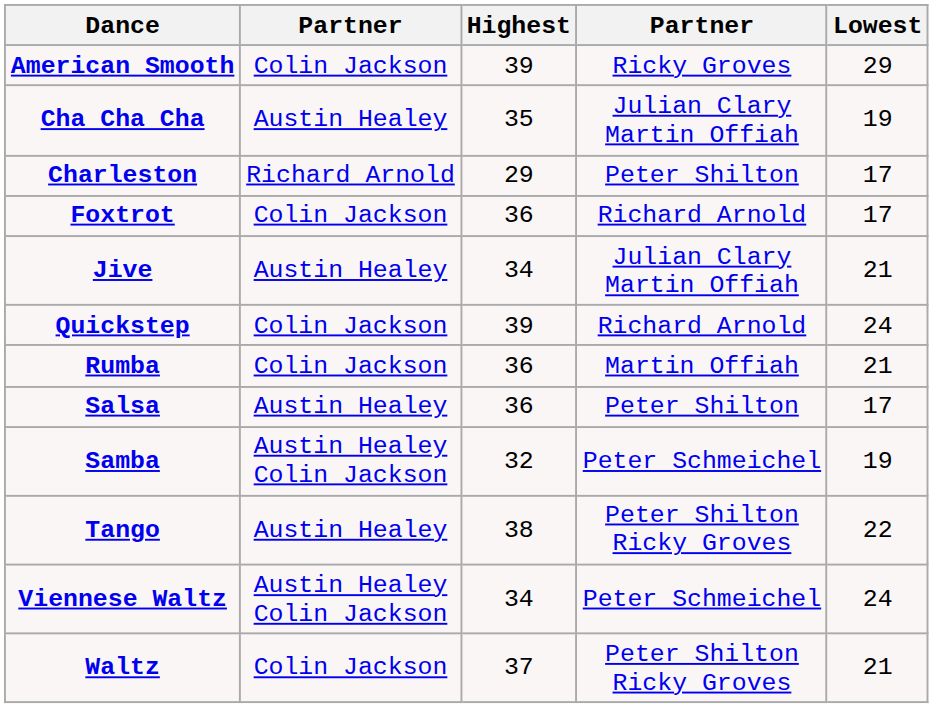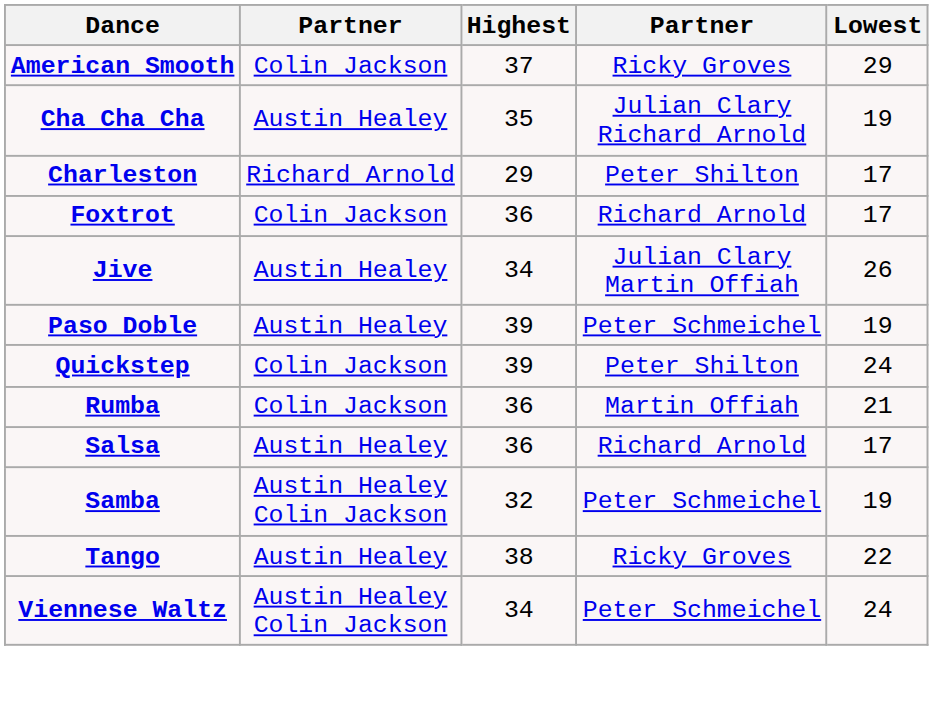 <table class="wikitable sortable collapsed">
 <tr style="text-align:Center; background:#cc;">
 <th>Dance</th>
 <th>Partner</th>
 <th>Highest</th>
 <th>Partner</th>
 <th>Lowest</th>
 </tr>
 <tr style="text-align: center; background:#faf6f6;#">
 <td><strong><a href='#'>American Smooth</a></strong></td>
 <td><a href='#'>Colin Jackson</a></td>
-<td>39</td>
+<td>37</td>
 <td><a href='#'>Ricky Groves</a></td>
 <td>29</td>
 </tr>
 <tr style="text-align: center; background:#faf6f6;">
 <td><strong><a href='#'>Cha Cha Cha</a></strong></td>
 <td><a href='#'>Austin Healey</a></td>
 <td>35</td>
-<td><a href='#'>Julian Clary</a><br><a href='#'>Martin Offiah</a></td>
+<td><a href='#'>Julian Clary</a><br><a href='#'>Richard Arnold</a></td>
 <td>19</td>
 </tr>
 <tr style="text-align: center; background:#faf6f6;">
 <td><strong><a href='#'>Charleston</a></strong></td>
 <td><a href='#'>Richard Arnold</a></td>
 <td>29</td>
 <td><a href='#'>Peter Shilton</a></td>
 <td>17</td>
 </tr>
 <tr style="text-align: center; background:#faf6f6;">
 <td><strong><a href='#'>Foxtrot</a></strong></td>
 <td><a href='#'>Colin Jackson</a></td>
 <td>36</td>
 <td><a href='#'>Richard Arnold</a></td>
 <td>17</td>
 </tr>
 <tr style="text-align: center; background:#faf6f6;">
 <td><strong><a href='#'>Jive</a></strong></td>
 <td><a href='#'>Austin Healey</a></td>
 <td>34</td>
 <td><a href='#'>Julian Clary</a><br><a href='#'>Martin Offiah</a></td>
-<td>21</td>
+<td>26</td>
+</tr>
+<tr style="text-align: center; background:#faf6f6;">
+<td><strong><a href='#'>Paso Doble</a></strong></td>
+<td><a href='#'>Austin Healey</a></td>
+<td>39</td>
+<td><a href='#'>Peter Schmeichel</a></td>
+<td>19</td>
 </tr>
 <tr style="text-align: center; background:#faf6f6;">
 <td><strong><a href='#'>Quickstep</a></strong></td>
 <td><a href='#'>Colin Jackson</a></td>
 <td>39</td>
-<td><a href='#'>Richard Arnold</a></td>
+<td><a href='#'>Peter Shilton</a></td>
 <td>24</td>
 </tr>
 <tr style="text-align: center; background:#faf6f6;">
 <td><strong><a href='#'>Rumba</a></strong></td>
 <td><a href='#'>Colin Jackson</a></td>
 <td>36</td>
 <td><a href='#'>Martin Offiah</a></td>
 <td>21</td>
 </tr>
 <tr style="text-align: center; background:#faf6f6;">
 <td><strong><a href='#'>Salsa</a></strong></td>
 <td><a href='#'>Austin Healey</a></td>
 <td>36</td>
-<td><a href='#'>Peter Shilton</a></td>
+<td><a href='#'>Richard Arnold</a></td>
 <td>17</td>
 </tr>
 <tr style="text-align: center; background:#faf6f6;">
 <td><strong><a href='#'>Samba</a></strong></td>
 <td><a href='#'>Austin Healey</a><br><a href='#'>Colin Jackson</a></td>
 <td>32</td>
 <td><a href='#'>Peter Schmeichel</a></td>
 <td>19</td>
 </tr>
 <tr style="text-align: center; background:#faf6f6;">
 <td><strong><a href='#'>Tango</a></strong></td>
 <td><a href='#'>Austin Healey</a></td>
 <td>38</td>
-<td><a href='#'>Peter Shilton</a><br><a href='#'>Ricky Groves</a></td>
+<td><a href='#'>Ricky Groves</a></td>
 <td>22</td>
 </tr>
 <tr style="text-align: center; background:#faf6f6;">
 <td><strong><a href='#'>Viennese Waltz</a></strong></td>
 <td><a href='#'>Austin Healey</a><br><a href='#'>Colin Jackson</a></td>
 <td>34</td>
 <td><a href='#'>Peter Schmeichel</a></td>
 <td>24</td>
 </tr>
-<tr style="text-align: center; background:#faf6f6;">
-<td><strong><a href='#'>Waltz</a></strong></td>
-<td><a href='#'>Colin Jackson</a></td>
-<td>37</td>
-<td><a href='#'>Peter Shilton</a><br><a href='#'>Ricky Groves</a></td>
-<td>21</td>
-</tr>
 </table>
